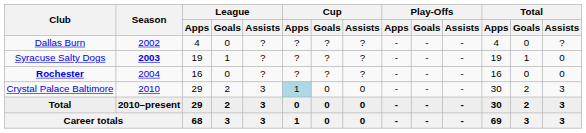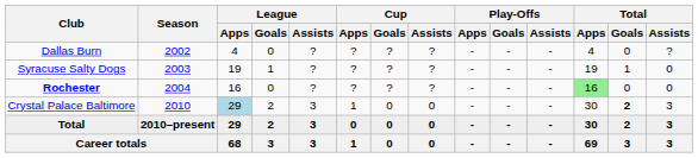 <table class="wikitable" style="text-align: center;">
 <tr>
 <th rowspan=2>Club</th>
 <th rowspan=2>Season</th>
 <th colspan=3>League</th>
 <th colspan=3>Cup</th>
 <th colspan=3>Play-Offs</th>
 <th colspan=3>Total</th>
 </tr>
 <tr>
 <th>Apps</th>
 <th>Goals</th>
 <th>Assists</th>
 <th>Apps</th>
 <th>Goals</th>
 <th>Assists</th>
 <th>Apps</th>
 <th>Goals</th>
 <th>Assists</th>
 <th>Apps</th>
 <th>Goals</th>
 <th>Assists</th>
 </tr>
 <tr>
 <td rowspan=1 valign="top"><a href='#'>Dallas Burn</a></td>
 <td><a href='#'>2002</a></td>
 <td>4</td>
 <td>0</td>
 <td>?</td>
 <td>?</td>
 <td>?</td>
 <td>?</td>
 <td>-</td>
 <td>-</td>
 <td>-</td>
 <td>4</td>
 <td>0</td>
 <td>?</td>
 </tr>
 <tr>
 <td><a href='#'>Syracuse Salty Dogs</a></td>
-<td><strong><a href='#'>2003</a></strong></td>
+<td><a href='#'>2003</a></td>
 <td>19</td>
 <td>1</td>
 <td>?</td>
 <td>?</td>
 <td>?</td>
 <td>?</td>
 <td>-</td>
 <td>-</td>
 <td>-</td>
 <td>19</td>
 <td>1</td>
 <td>0</td>
 </tr>
 <tr>
 <td><strong><a href='#'>Rochester</a></strong></td>
 <td><a href='#'>2004</a></td>
 <td>16</td>
 <td>0</td>
 <td>?</td>
 <td>?</td>
 <td>?</td>
 <td>?</td>
 <td>-</td>
 <td>-</td>
 <td>-</td>
-<td>16</td>
+<td style="background: lightgreen;">16</td>
 <td>0</td>
 <td>0</td>
 </tr>
 <tr>
 <td><a href='#'>Crystal Palace Baltimore</a></td>
 <td><a href='#'>2010</a></td>
-<td>29</td>
+<td style="background: lightblue;">29</td>
 <td>2</td>
 <td>3</td>
-<td style="background: lightblue;">1</td>
+<td>1</td>
 <td>0</td>
 <td>0</td>
 <td>-</td>
 <td>-</td>
 <td>-</td>
 <td>30</td>
-<td>2</td>
+<td><strong>2</strong></td>
 <td>3</td>
 </tr>
 <tr style="font-weight:bold; background-color:#eeeeee;">
 <td><strong>Total</strong></td>
 <td>2010–present</td>
 <td>29</td>
 <td>2</td>
 <td>3</td>
 <td>0</td>
 <td>0</td>
 <td>0</td>
 <td>-</td>
 <td>-</td>
 <td>-</td>
 <td>30</td>
 <td>2</td>
 <td>3</td>
 </tr>
 <tr>
 <th colspan=2>Career totals</th>
 <th>68</th>
 <th>3</th>
 <th>3</th>
 <th>1</th>
 <th>0</th>
 <th>0</th>
 <th>-</th>
 <th>-</th>
 <th>-</th>
 <th>69</th>
 <th>3</th>
 <th>3</th>
 </tr>
 </table>
